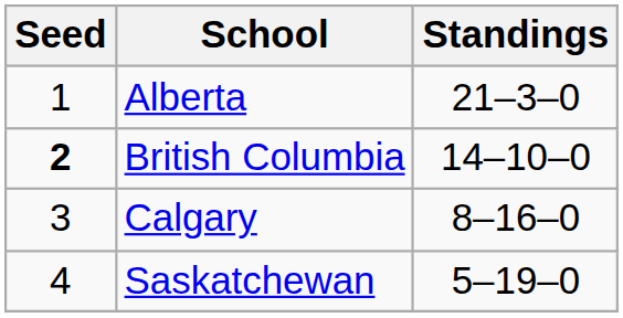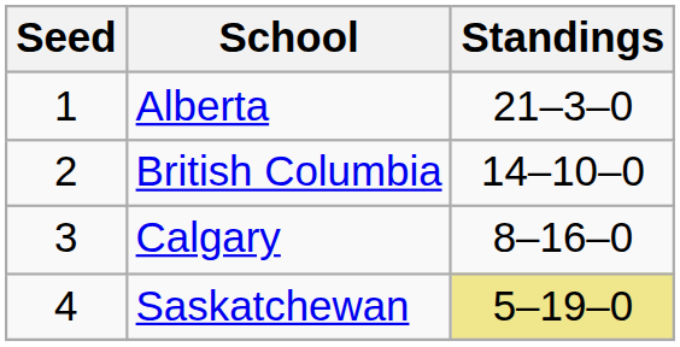 <table class="wikitable">
 <tr>
 <th>Seed</th>
 <th>School</th>
 <th>Standings</th>
 </tr>
 <tr>
 <td align=center>1</td>
 <td><a href='#'>Alberta</a></td>
 <td align=center>21–3–0</td>
 </tr>
 <tr>
-<td align=center><strong>2</strong></td>
+<td align=center>2</td>
 <td><a href='#'>British Columbia</a></td>
 <td align=center>14–10–0</td>
 </tr>
 <tr>
 <td align=center>3</td>
 <td><a href='#'>Calgary</a></td>
 <td align=center>8–16–0</td>
 </tr>
 <tr>
 <td align=center>4</td>
 <td><a href='#'>Saskatchewan</a></td>
-<td align=center>5–19–0</td>
+<td align=center style="background: khaki;">5–19–0</td>
 </tr>
 <tr>
 </tr>
 </table>
